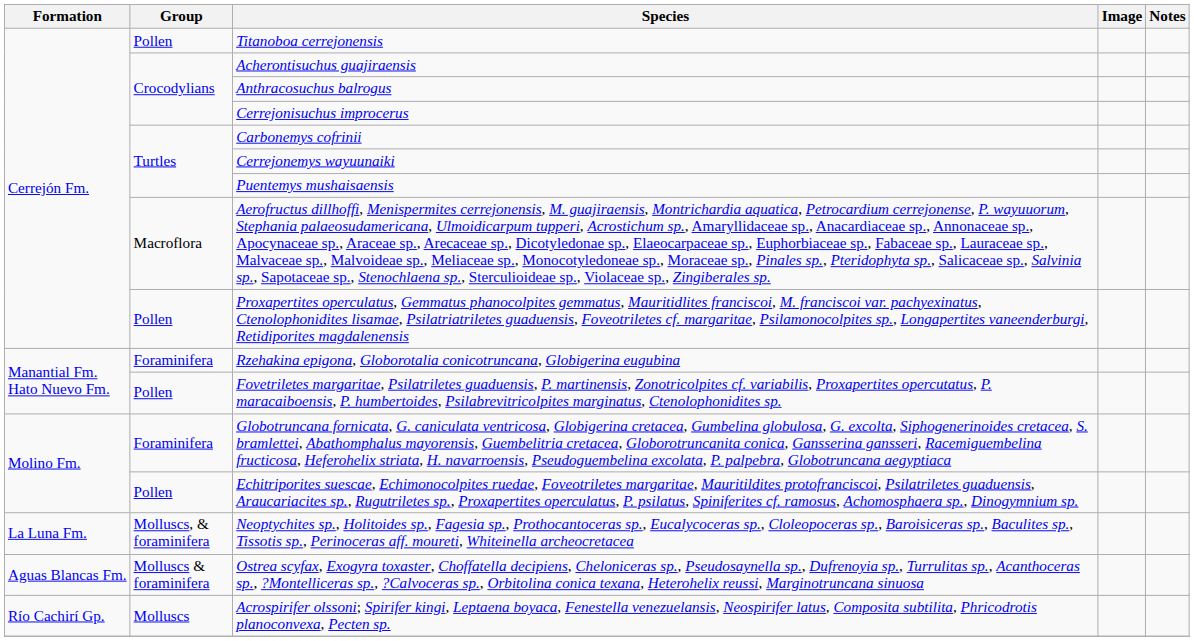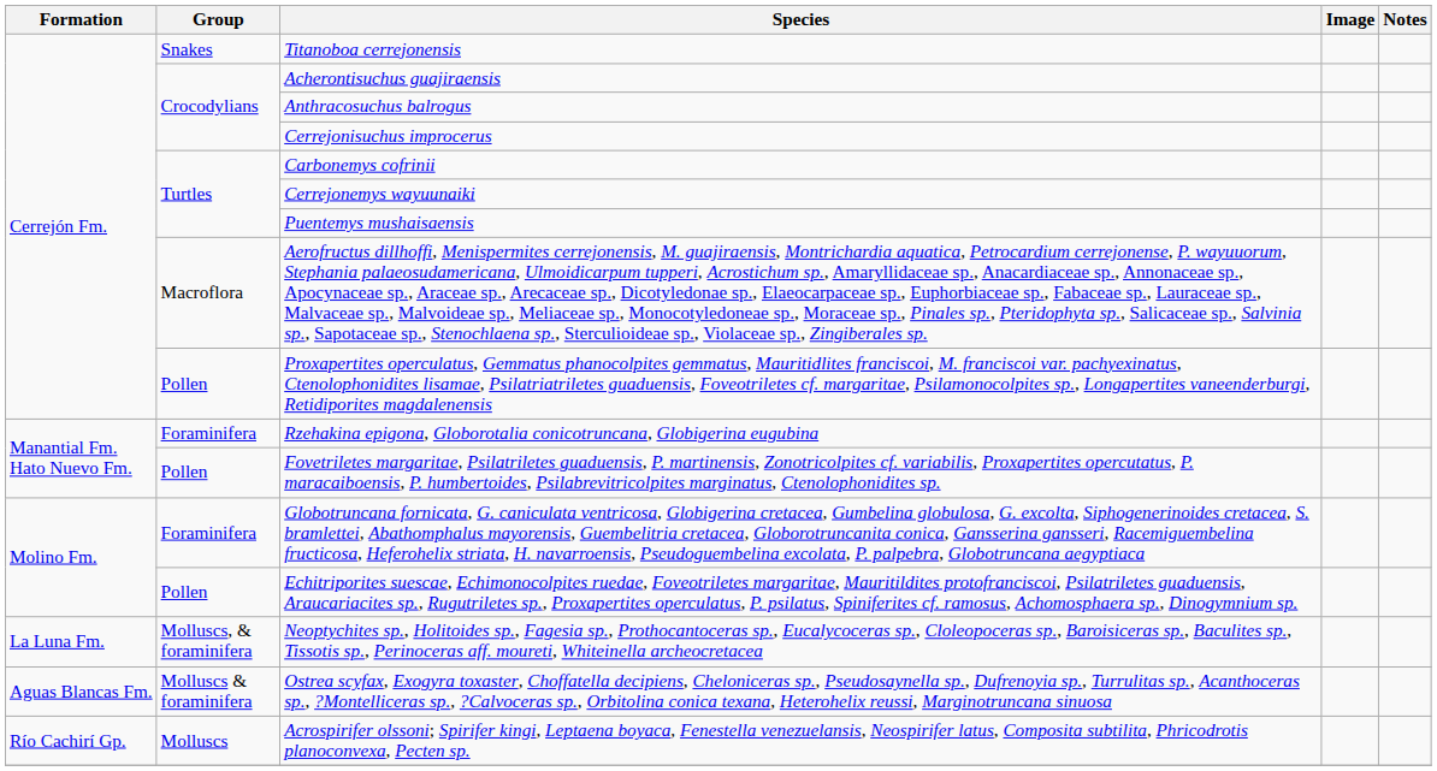 <table class="wikitable sortable mw-collapsible">
 <tr>
 <th>Formation</th>
 <th>Group</th>
 <th>Species</th>
 <th>Image</th>
 <th class=unsortable>Notes</th>
 </tr>
 <tr>
 <td rowspan=9 style="background-color: "><a href='#'>Cerrejón Fm.</a></td>
-<td><a href='#'>Pollen</a></td>
+<td><a href='#'>Snakes</a></td>
 <td><em><a href='#'>Titanoboa cerrejonensis</a></em></td>
 <td></td>
 <td></td>
 </tr>
 <tr>
 <td rowspan=3><a href='#'>Crocodylians</a></td>
 <td><em><a href='#'>Acherontisuchus guajiraensis</a></em></td>
 <td></td>
 <td></td>
 </tr>
 <tr>
 <td><em><a href='#'>Anthracosuchus balrogus</a></em></td>
 <td></td>
 <td></td>
 </tr>
 <tr>
 <td><em><a href='#'>Cerrejonisuchus improcerus</a></em></td>
 <td></td>
 <td></td>
 </tr>
 <tr>
 <td rowspan=3><a href='#'>Turtles</a></td>
 <td><em><a href='#'>Carbonemys cofrinii</a></em></td>
 <td></td>
 <td></td>
 </tr>
 <tr>
 <td><em><a href='#'>Cerrejonemys wayuunaiki</a></em></td>
 <td></td>
 <td></td>
 </tr>
 <tr>
 <td><em><a href='#'>Puentemys mushaisaensis</a></em></td>
 <td></td>
 <td></td>
 </tr>
 <tr>
 <td>Macroflora</td>
 <td><em><a href='#'>Aerofructus dillhoffi</a></em>, <em><a href='#'>Menispermites cerrejonensis</a></em>, <em><a href='#'>M. guajiraensis</a></em>, <em><a href='#'>Montrichardia aquatica</a></em>, <em><a href='#'>Petrocardium cerrejonense</a></em>, <em><a href='#'>P. wayuuorum</a></em>, <em><a href='#'>Stephania palaeosudamericana</a></em>, <em><a href='#'>Ulmoidicarpum tupperi</a></em>, <em><a href='#'>Acrostichum sp.</a></em>, <a href='#'>Amaryllidaceae sp.</a>, <a href='#'>Anacardiaceae sp.</a>, <a href='#'>Annonaceae sp.</a>, <a href='#'>Apocynaceae sp.</a>, <a href='#'>Araceae sp.</a>, <a href='#'>Arecaceae sp.</a>, <a href='#'>Dicotyledonae sp.</a>, <a href='#'>Elaeocarpaceae sp.</a>, <a href='#'>Euphorbiaceae sp.</a>, <a href='#'>Fabaceae sp.</a>, <a href='#'>Lauraceae sp.</a>, <a href='#'>Malvaceae sp.</a>, <a href='#'>Malvoideae sp.</a>, <a href='#'>Meliaceae sp.</a>, <a href='#'>Monocotyledoneae sp.</a>, <a href='#'>Moraceae sp.</a>, <em><a href='#'>Pinales sp.</a></em>, <em><a href='#'>Pteridophyta sp.</a></em>, <a href='#'>Salicaceae sp.</a>, <em><a href='#'>Salvinia sp.</a></em>, <a href='#'>Sapotaceae sp.</a>, <em><a href='#'>Stenochlaena sp.</a></em>, <a href='#'>Sterculioideae sp.</a>, <a href='#'>Violaceae sp.</a>, <em><a href='#'>Zingiberales sp.</a></em></td>
 <td></td>
 <td></td>
 </tr>
 <tr>
 <td><a href='#'>Pollen</a></td>
 <td><em><a href='#'>Proxapertites operculatus</a></em>, <em><a href='#'>Gemmatus phanocolpites gemmatus</a></em>, <em><a href='#'>Mauritidlites franciscoi</a></em>, <em><a href='#'>M. franciscoi var. pachyexinatus</a></em>, <em><a href='#'>Ctenolophonidites lisamae</a></em>, <em><a href='#'>Psilatriatriletes guaduensis</a></em>, <em><a href='#'>Foveotriletes cf. margaritae</a></em>, <em><a href='#'>Psilamonocolpites sp.</a></em>, <em><a href='#'>Longapertites vaneenderburgi</a></em>, <em><a href='#'>Retidiporites magdalenensis</a></em></td>
 <td></td>
 <td></td>
 </tr>
 <tr>
 <td rowspan=2 style="background-color: "><a href='#'>Manantial Fm.</a><br><a href='#'>Hato Nuevo Fm.</a></td>
 <td><a href='#'>Foraminifera</a></td>
 <td><em><a href='#'>Rzehakina epigona</a></em>, <em><a href='#'>Globorotalia conicotruncana</a></em>, <em><a href='#'>Globigerina eugubina</a></em></td>
 <td></td>
 <td></td>
 </tr>
 <tr>
 <td><a href='#'>Pollen</a></td>
 <td><em><a href='#'>Fovetriletes margaritae</a></em>, <em><a href='#'>Psilatriletes guaduensis</a></em>, <em><a href='#'>P. martinensis</a></em>, <em><a href='#'>Zonotricolpites cf. variabilis</a></em>, <em><a href='#'>Proxapertites opercutatus</a></em>, <em><a href='#'>P. maracaiboensis</a></em>, <em><a href='#'>P. humbertoides</a></em>, <em><a href='#'>Psilabrevitricolpites marginatus</a></em>, <em><a href='#'>Ctenolophonidites sp.</a></em></td>
 <td></td>
 <td></td>
 </tr>
 <tr>
 <td rowspan=2 style="background-color: "><a href='#'>Molino Fm.</a></td>
 <td><a href='#'>Foraminifera</a></td>
 <td><em><a href='#'>Globotruncana fornicata</a></em>, <em><a href='#'>G. caniculata ventricosa</a></em>, <em><a href='#'>Globigerina cretacea</a></em>, <em><a href='#'>Gumbelina globulosa</a></em>, <em><a href='#'>G. excolta</a></em>, <em><a href='#'>Siphogenerinoides cretacea</a></em>, <em><a href='#'>S. bramlettei</a></em>, <em><a href='#'>Abathomphalus mayorensis</a></em>, <em><a href='#'>Guembelitria cretacea</a></em>, <em><a href='#'>Globorotruncanita conica</a></em>, <em><a href='#'>Gansserina gansseri</a></em>, <em><a href='#'>Racemiguembelina fructicosa</a></em>, <em><a href='#'>Heferohelix striata</a></em>, <em><a href='#'>H. navarroensis</a></em>, <em><a href='#'>Pseudoguembelina excolata</a></em>, <em><a href='#'>P. palpebra</a></em>, <em><a href='#'>Globotruncana aegyptiaca</a></em></td>
 <td></td>
 <td></td>
 </tr>
 <tr>
 <td><a href='#'>Pollen</a></td>
 <td><em><a href='#'>Echitriporites suescae</a></em>, <em><a href='#'>Echimonocolpites ruedae</a></em>, <em><a href='#'>Foveotriletes margaritae</a></em>, <em><a href='#'>Mauritildites protofranciscoi</a></em>, <em><a href='#'>Psilatriletes guaduensis</a></em>, <em><a href='#'>Araucariacites sp.</a></em>, <em><a href='#'>Rugutriletes sp.</a></em>, <em><a href='#'>Proxapertites operculatus</a></em>, <em><a href='#'>P. psilatus</a></em>, <em><a href='#'>Spiniferites cf. ramosus</a></em>, <em><a href='#'>Achomosphaera sp.</a></em>, <em><a href='#'>Dinogymnium sp.</a></em></td>
 <td></td>
 <td></td>
 </tr>
 <tr>
 <td style="background-color: "><a href='#'>La Luna Fm.</a></td>
 <td><a href='#'>Molluscs</a>, & <a href='#'>foraminifera</a></td>
 <td><em><a href='#'>Neoptychites sp.</a></em>, <em><a href='#'>Holitoides sp.</a></em>, <em><a href='#'>Fagesia sp.</a></em>, <em><a href='#'>Prothocantoceras sp.</a></em>, <em><a href='#'>Eucalycoceras sp.</a></em>, <em><a href='#'>Cloleopoceras sp.</a></em>, <em><a href='#'>Baroisiceras sp.</a></em>, <em><a href='#'>Baculites sp.</a></em>, <em><a href='#'>Tissotis sp.</a></em>, <em><a href='#'>Perinoceras aff. moureti</a></em>, <em><a href='#'>Whiteinella archeocretacea</a></em></td>
 <td></td>
 <td></td>
 </tr>
 <tr>
 <td style="background-color: "><a href='#'>Aguas Blancas Fm.</a></td>
 <td><a href='#'>Molluscs</a> & <a href='#'>foraminifera</a></td>
 <td><em><a href='#'>Ostrea scyfax</a></em>, <em><a href='#'>Exogyra toxaster</a></em>, <em><a href='#'>Choffatella decipiens</a></em>, <em><a href='#'>Cheloniceras sp.</a></em>, <em><a href='#'>Pseudosaynella sp.</a></em>, <em><a href='#'>Dufrenoyia sp.</a></em>, <em><a href='#'>Turrulitas sp.</a></em>, <em><a href='#'>Acanthoceras sp.</a></em>, <em><a href='#'>?Montelliceras sp.</a></em>, <em><a href='#'>?Calvoceras sp.</a></em>, <em><a href='#'>Orbitolina conica texana</a></em>, <em><a href='#'>Heterohelix reussi</a></em>, <em><a href='#'>Marginotruncana sinuosa</a></em></td>
 <td></td>
 <td></td>
 </tr>
 <tr>
 <td style="background-color: "><a href='#'>Río Cachirí Gp.</a></td>
 <td><a href='#'>Molluscs</a></td>
 <td><em><a href='#'>Acrospirifer olssoni</a></em>; <em><a href='#'>Spirifer kingi</a></em>, <em><a href='#'>Leptaena boyaca</a></em>, <em><a href='#'>Fenestella venezuelansis</a></em>, <em><a href='#'>Neospirifer latus</a></em>, <em><a href='#'>Composita subtilita</a></em>, <em><a href='#'>Phricodrotis planoconvexa</a></em>, <em><a href='#'>Pecten sp.</a></em></td>
 <td></td>
 <td></td>
 </tr>
 <tr>
 </tr>
 </table>
